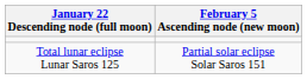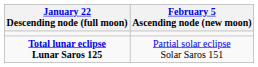 <table class="wikitable">
 <tr>
 <th><a href='#'>January 22</a><br>Descending node (full moon)<br></th>
 <th><a href='#'>February 5</a><br>Ascending node (new moon)<br></th>
 </tr>
 <tr>
 <td></td>
 <td></td>
 </tr>
 <tr align=center>
-<td><a href='#'>Total lunar eclipse</a><br>Lunar Saros 125</td>
+<td><strong><a href='#'>Total lunar eclipse</a><br>Lunar Saros 125</strong></td>
 <td><a href='#'>Partial solar eclipse</a><br>Solar Saros 151</td>
 </tr>
 </table>
